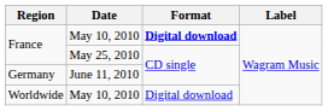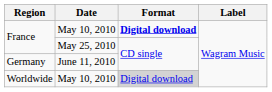 <table class=wikitable>
 <tr>
 <th>Region</th>
 <th>Date</th>
 <th>Format</th>
 <th>Label</th>
 </tr>
 <tr>
 <td rowspan="2">France</td>
 <td>May 10, 2010</td>
 <td><strong><a href='#'>Digital download</a></strong></td>
 <td rowspan="4"><a href='#'>Wagram Music</a></td>
 </tr>
 <tr>
 <td>May 25, 2010</td>
 <td rowspan="2"><a href='#'>CD single</a></td>
 </tr>
 <tr>
 <td>Germany</td>
 <td>June 11, 2010</td>
 </tr>
 <tr>
 <td rowspan="1">Worldwide</td>
 <td>May 10, 2010</td>
-<td><a href='#'>Digital download</a></td>
+<td style="background: lightgrey;"><a href='#'>Digital download</a></td>
 </tr>
 </table>
